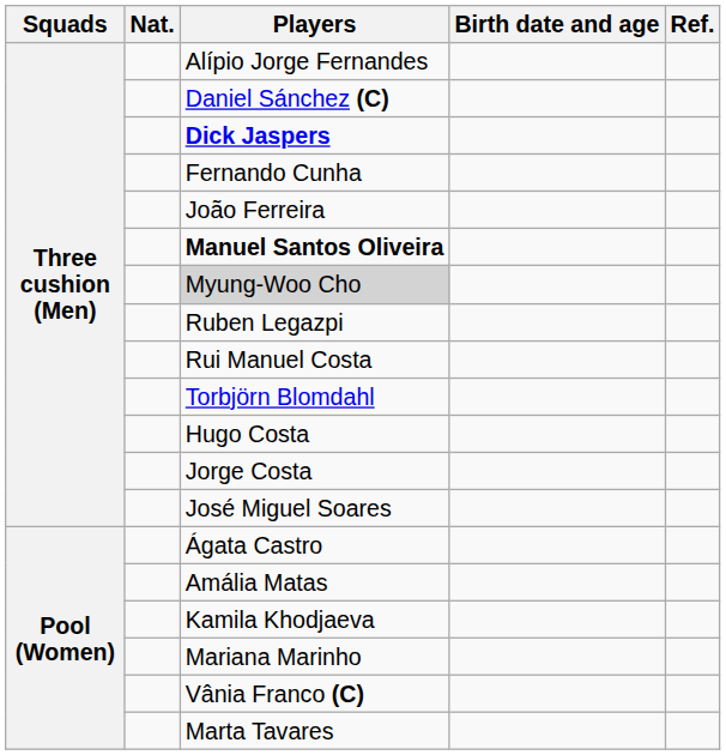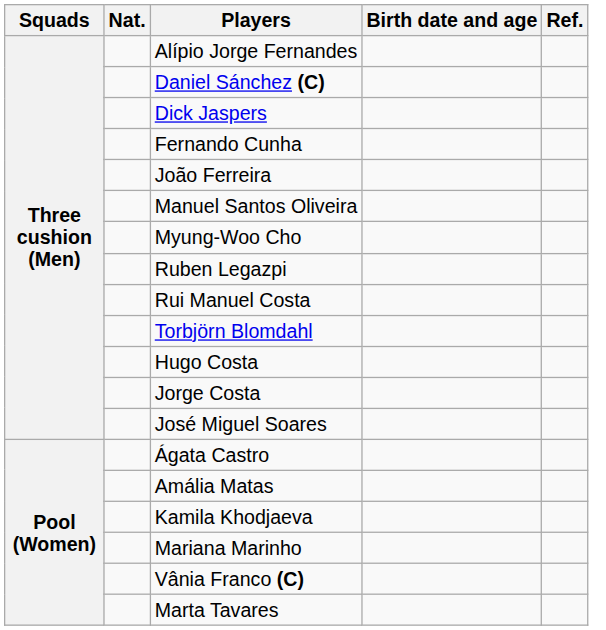 <table class="wikitable" style="font-size:95%; text-align: center;">
 <tr>
 <th width="70">Squads</th>
 <th>Nat.</th>
 <th>Players</th>
 <th>Birth date and age</th>
 <th>Ref.</th>
 </tr>
 <tr>
 <th rowspan="13">Three cushion (Men)</th>
 <td></td>
 <td align="left">Alípio Jorge Fernandes</td>
 <td></td>
 <td></td>
 </tr>
 <tr>
 <td></td>
 <td align="left"><a href='#'>Daniel Sánchez</a> <strong>(C)</strong></td>
 <td></td>
 <td></td>
 </tr>
 <tr>
 <td></td>
-<td align="left"><strong><a href='#'>Dick Jaspers</a></strong></td>
+<td align="left"><a href='#'>Dick Jaspers</a></td>
 <td></td>
 <td></td>
 </tr>
 <tr>
 <td></td>
 <td align="left">Fernando Cunha</td>
 <td></td>
 <td></td>
 </tr>
 <tr>
 <td></td>
 <td align="left">João Ferreira</td>
 <td></td>
 <td></td>
 </tr>
 <tr>
 <td></td>
-<td align="left"><strong>Manuel Santos Oliveira</strong></td>
+<td align="left">Manuel Santos Oliveira</td>
 <td></td>
 <td></td>
 </tr>
 <tr>
 <td></td>
-<td align="left" style="background: lightgrey;">Myung-Woo Cho</td>
+<td align="left">Myung-Woo Cho</td>
 <td></td>
 <td></td>
 </tr>
 <tr>
 <td></td>
 <td align="left">Ruben Legazpi</td>
 <td></td>
 <td></td>
 </tr>
 <tr>
 <td></td>
 <td align="left">Rui Manuel Costa</td>
 <td></td>
 <td></td>
 </tr>
 <tr>
 <td></td>
 <td align="left"><a href='#'>Torbjörn Blomdahl</a></td>
 <td></td>
 <td></td>
 </tr>
 <tr>
 <td></td>
 <td align="left">Hugo Costa</td>
 <td></td>
 <td></td>
 </tr>
 <tr>
 <td></td>
 <td align="left">Jorge Costa</td>
 <td></td>
 <td></td>
 </tr>
 <tr>
 <td></td>
 <td align="left">José Miguel Soares</td>
 <td></td>
 <td></td>
 </tr>
 <tr>
 <th rowspan="6">Pool (Women)</th>
 <td></td>
 <td align="left">Ágata Castro</td>
 <td></td>
 <td></td>
 </tr>
 <tr>
 <td></td>
 <td align="left">Amália Matas</td>
 <td></td>
 <td></td>
 </tr>
 <tr>
 <td></td>
 <td align="left">Kamila Khodjaeva</td>
 <td></td>
 <td></td>
 </tr>
 <tr>
 <td></td>
 <td align="left">Mariana Marinho</td>
 <td></td>
 <td></td>
 </tr>
 <tr>
 <td></td>
 <td align="left">Vânia Franco <strong>(C)</strong></td>
 <td></td>
 <td></td>
 </tr>
 <tr>
 <td></td>
 <td align="left">Marta Tavares</td>
 <td></td>
 <td></td>
 </tr>
 </table>
